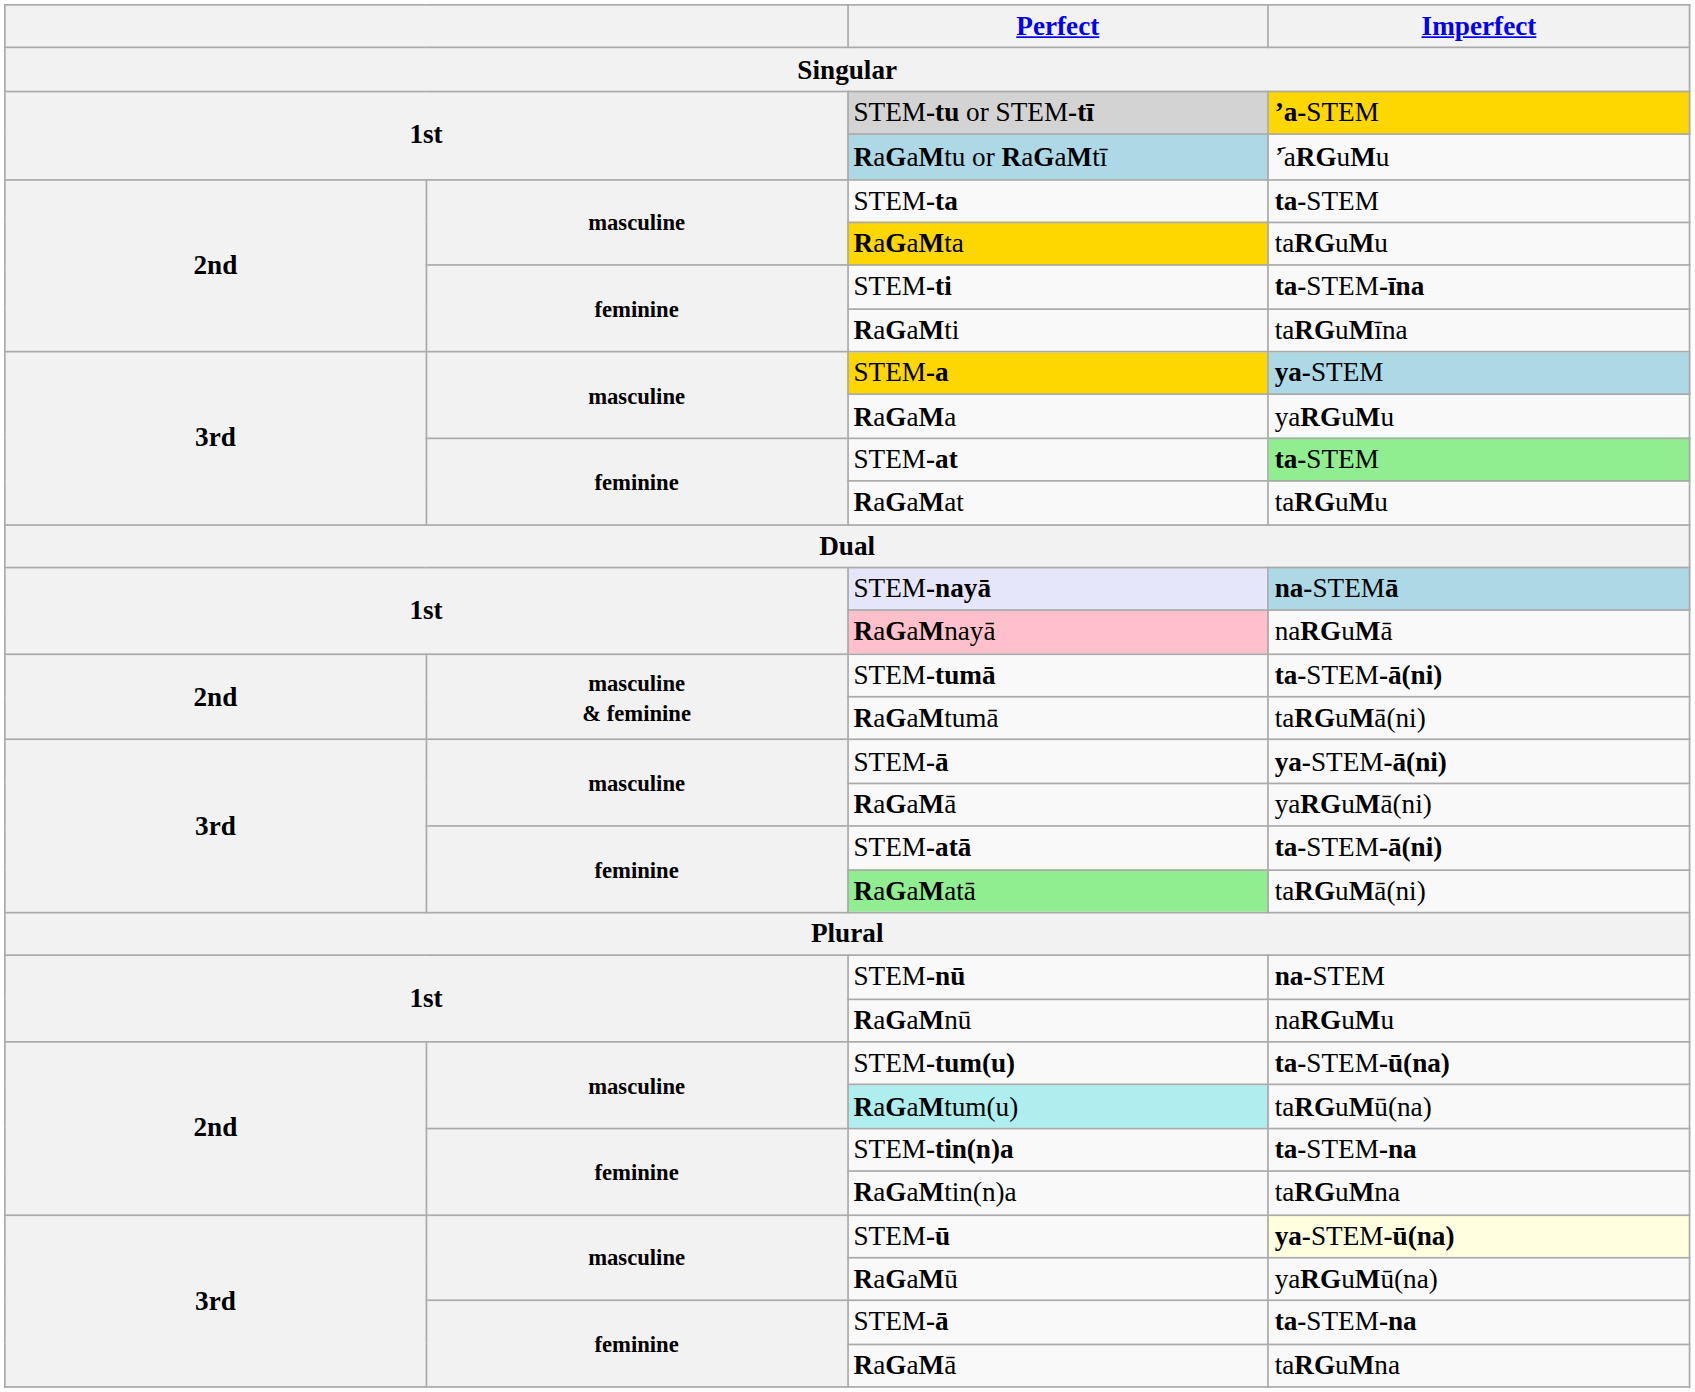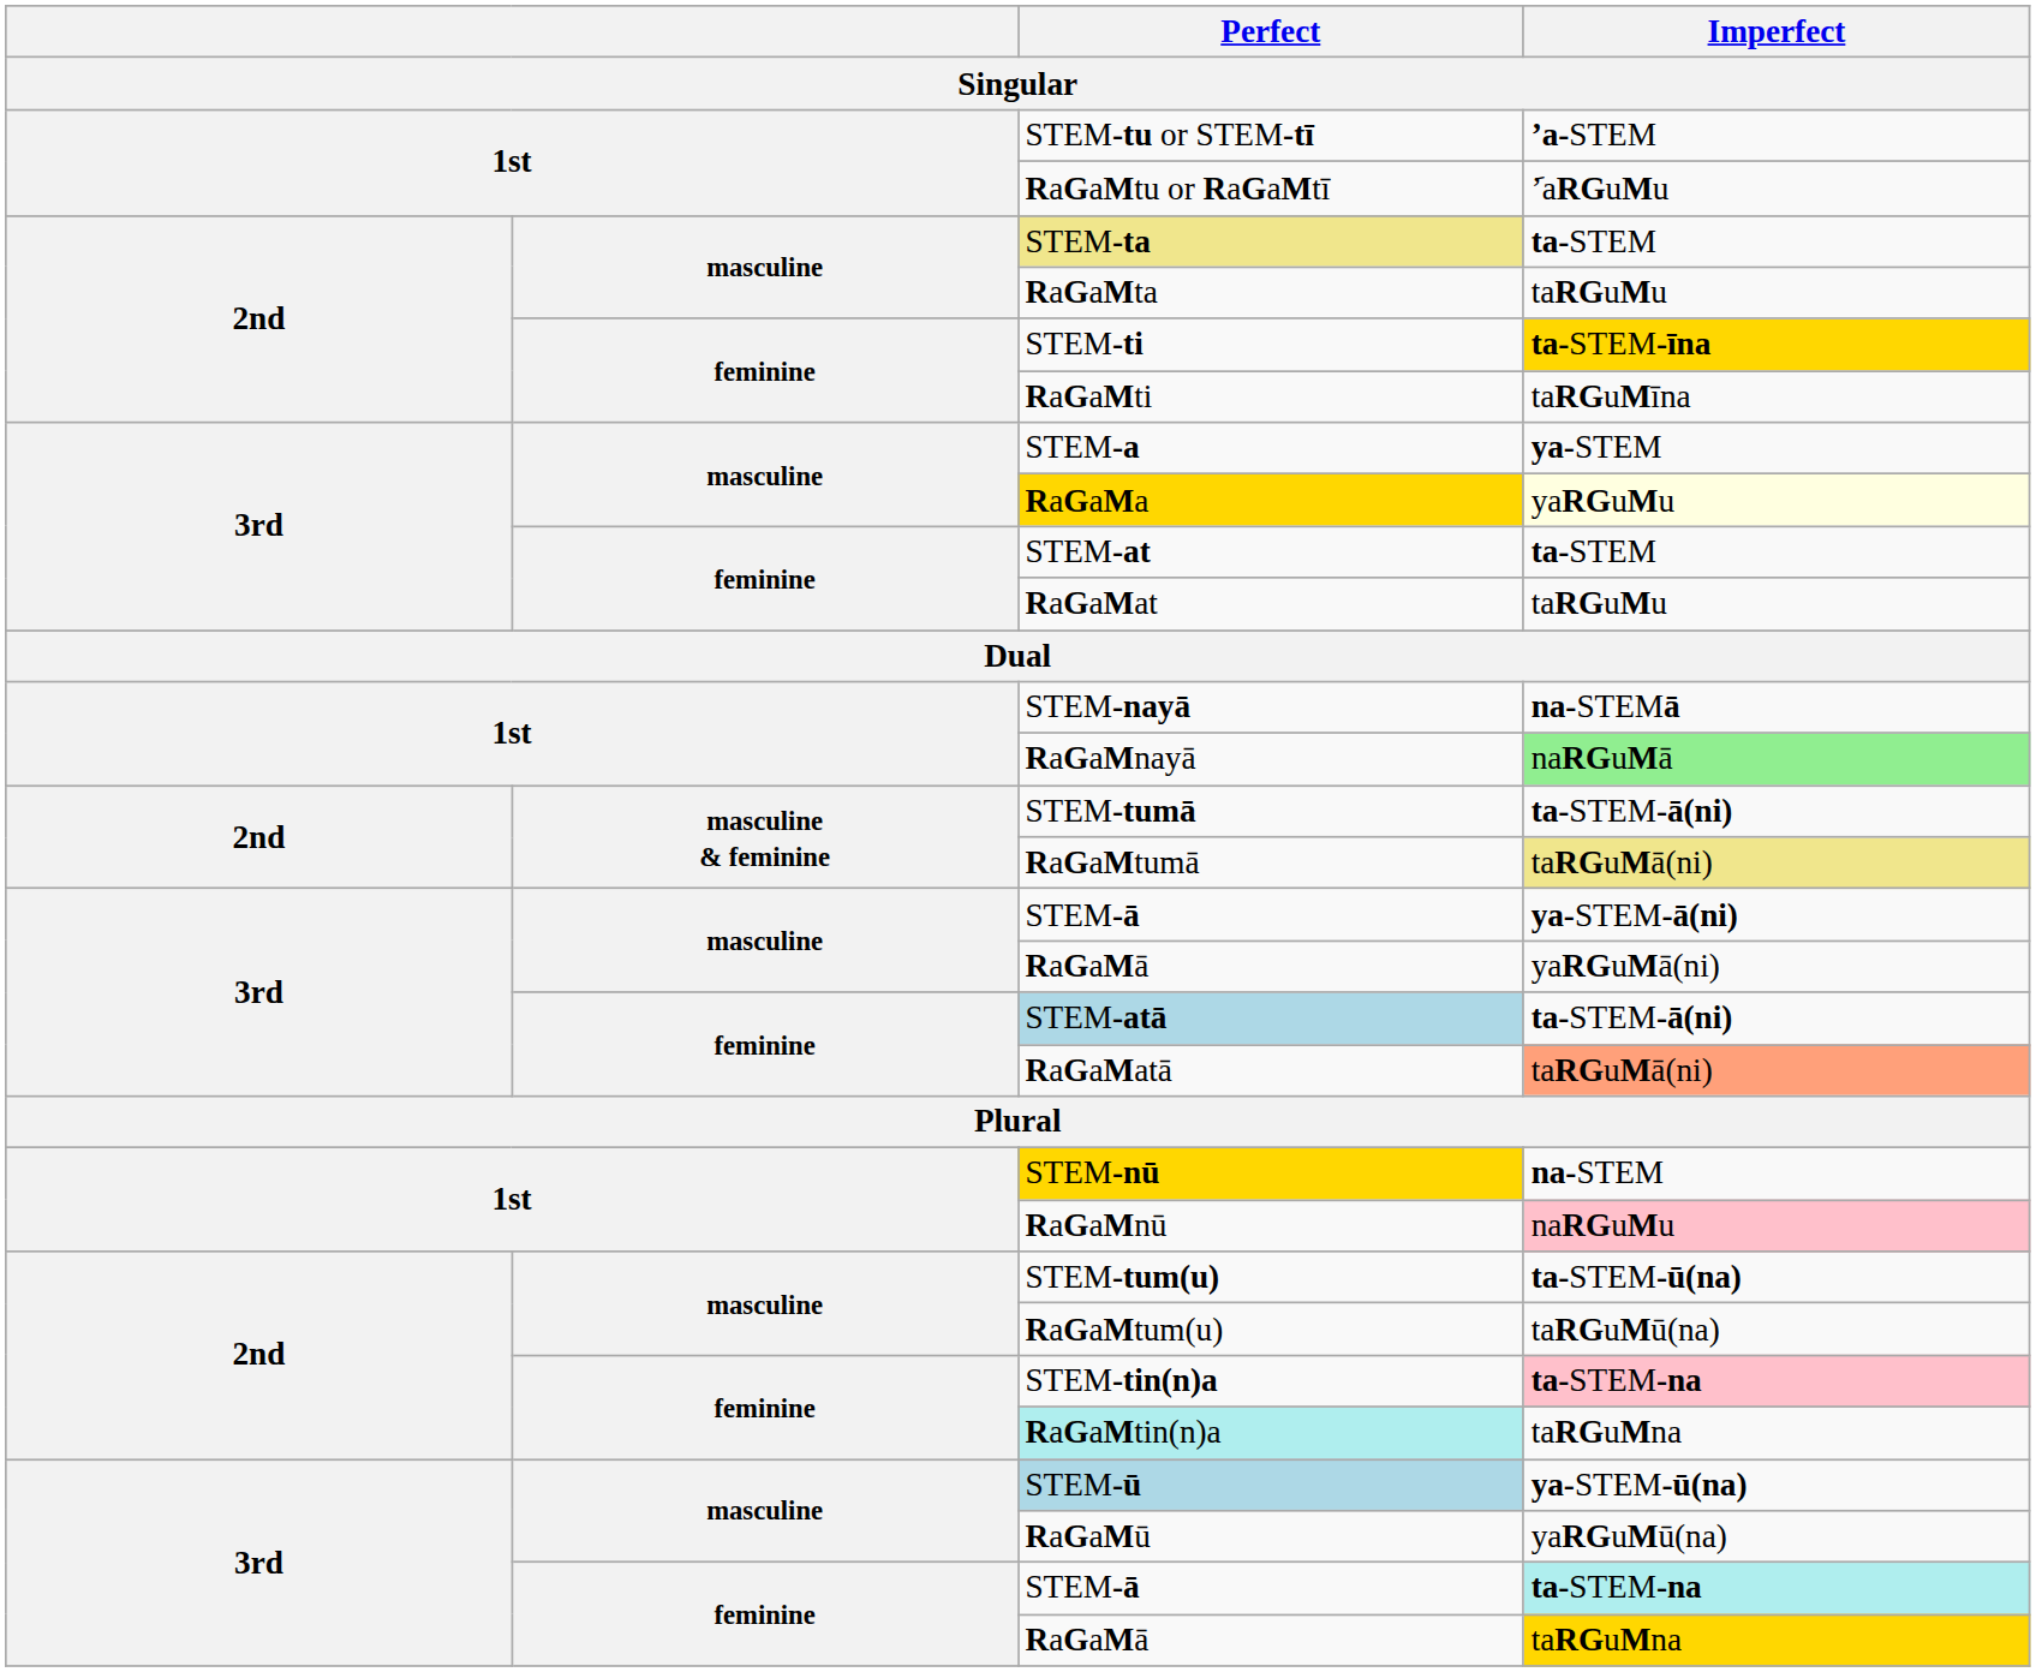 <table class="wikitable" width="50%">
 <tr>
 <th width="25%" colspan="2"></th>
 <th width="25%" align="center"><a href='#'>Perfect</a></th>
 <th width="25%" align="center"><a href='#'>Imperfect</a></th>
 </tr>
 <tr>
 <th width="100%" colspan="5">Singular</th>
 </tr>
 <tr>
 <th width="25%" rowspan="2" colspan="2">1st</th>
-<td width="25%" style="background: lightgrey;">STEM<strong>-tu</strong> or STEM<strong>-tī</strong></td>
-<td width="25%" style="background: gold;"><strong>ʼa-</strong>STEM</td>
+<td width="25%">STEM<strong>-tu</strong> or STEM<strong>-tī</strong></td>
+<td width="25%"><strong>ʼa-</strong>STEM</td>
 </tr>
 <tr>
-<td width="25%" style="background: lightblue;"><strong>R</strong>a<strong>G</strong>a<strong>M</strong>tu or <strong>R</strong>a<strong>G</strong>a<strong>M</strong>tī</td>
+<td width="25%"><strong>R</strong>a<strong>G</strong>a<strong>M</strong>tu or <strong>R</strong>a<strong>G</strong>a<strong>M</strong>tī</td>
 <td width="25%">َʼa<strong>RG</strong>u<strong>M</strong>u</td>
 </tr>
 <tr>
 <th width="25%" rowspan="4">2nd</th>
 <th width="25%" rowspan="2"><small>masculine</small></th>
-<td width="25%">STEM<strong>-ta</strong></td>
+<td width="25%" style="background: khaki;">STEM<strong>-ta</strong></td>
 <td width="25%"><strong>ta-</strong>STEM</td>
 </tr>
 <tr>
-<td width="25%" style="background: gold;"><strong>R</strong>a<strong>G</strong>a<strong>M</strong>ta</td>
+<td width="25%"><strong>R</strong>a<strong>G</strong>a<strong>M</strong>ta</td>
 <td width="25%">ta<strong>RG</strong>u<strong>M</strong>u</td>
 </tr>
 <tr>
 <th width="25%" rowspan="2"><small>feminine</small></th>
 <td width="25%">STEM<strong>-ti</strong></td>
-<td width="25%"><strong>ta-</strong>STEM<strong>-īna</strong></td>
+<td width="25%" style="background: gold;"><strong>ta-</strong>STEM<strong>-īna</strong></td>
 </tr>
 <tr>
 <td width="25%"><strong>R</strong>a<strong>G</strong>a<strong>M</strong>ti</td>
 <td width="25%">ta<strong>RG</strong>u<strong>M</strong>īna</td>
 </tr>
 <tr>
 <th width="25%" rowspan="4">3rd</th>
 <th width="25%" rowspan="2"><small>masculine</small></th>
-<td width="25%" style="background: gold;">STEM<strong>-a</strong></td>
-<td width="25%" style="background: lightblue;"><strong>ya-</strong>STEM</td>
+<td width="25%">STEM<strong>-a</strong></td>
+<td width="25%"><strong>ya-</strong>STEM</td>
 </tr>
 <tr>
-<td width="25%"><strong>R</strong>a<strong>G</strong>a<strong>M</strong>a</td>
-<td width="25%">ya<strong>RG</strong>u<strong>M</strong>u</td>
+<td width="25%" style="background: gold;"><strong>R</strong>a<strong>G</strong>a<strong>M</strong>a</td>
+<td width="25%" style="background: lightyellow;">ya<strong>RG</strong>u<strong>M</strong>u</td>
 </tr>
 <tr>
 <th width="25%" rowspan="2"><small>feminine</small></th>
 <td width="25%">STEM<strong>-at</strong></td>
-<td width="25%" style="background: lightgreen;"><strong>ta-</strong>STEM</td>
+<td width="25%"><strong>ta-</strong>STEM</td>
 </tr>
 <tr>
 <td width="25%"><strong>R</strong>a<strong>G</strong>a<strong>M</strong>at</td>
 <td width="25%">ta<strong>RG</strong>u<strong>M</strong>u</td>
 </tr>
 <tr>
 <th width="100%" colspan="5">Dual</th>
 </tr>
 <tr>
 <th width="25%" rowspan="2" colspan="2">1st</th>
-<td width="25%" style="background: lavender;">STEM<strong>-nayā</strong></td>
-<td width="25%" style="background: lightblue;"><strong>na-</strong>STEM<strong>ā</strong></td>
+<td width="25%">STEM<strong>-nayā</strong></td>
+<td width="25%"><strong>na-</strong>STEM<strong>ā</strong></td>
 </tr>
 <tr>
-<td width="25%" style="background: pink;"><strong>R</strong>a<strong>G</strong>a<strong>M</strong>nayā</td>
-<td width="25%">na<strong>RG</strong>u<strong>M</strong>ā</td>
+<td width="25%"><strong>R</strong>a<strong>G</strong>a<strong>M</strong>nayā</td>
+<td width="25%" style="background: lightgreen;">na<strong>RG</strong>u<strong>M</strong>ā</td>
 </tr>
 <tr>
 <th width="25%" rowspan="2">2nd</th>
 <th width="25%" rowspan="2"><small>masculine <br>& feminine</small></th>
 <td width="25%">STEM<strong>-tumā</strong></td>
 <td width="25%"><strong>ta-</strong>STEM<strong>-ā(ni)</strong></td>
 </tr>
 <tr>
 <td width="25%"><strong>R</strong>a<strong>G</strong>a<strong>M</strong>tumā</td>
-<td width="25%">ta<strong>RG</strong>u<strong>M</strong>ā(ni)</td>
+<td width="25%" style="background: khaki;">ta<strong>RG</strong>u<strong>M</strong>ā(ni)</td>
 </tr>
 <tr>
 <th width="25%" rowspan="4">3rd</th>
 <th width="25%" rowspan="2"><small>masculine</small></th>
 <td width="25%">STEM<strong>-ā</strong></td>
 <td width="25%"><strong>ya-</strong>STEM<strong>-ā(ni)</strong></td>
 </tr>
 <tr>
 <td width="25%"><strong>R</strong>a<strong>G</strong>a<strong>M</strong>ā</td>
 <td width="25%">ya<strong>RG</strong>u<strong>M</strong>ā(ni)</td>
 </tr>
 <tr>
 <th width="25%" rowspan="2"><small>feminine</small></th>
-<td width="25%">STEM<strong>-atā</strong></td>
+<td width="25%" style="background: lightblue;">STEM<strong>-atā</strong></td>
 <td width="25%"><strong>ta-</strong>STEM<strong>-ā(ni)</strong></td>
 </tr>
 <tr>
-<td width="25%" style="background: lightgreen;"><strong>R</strong>a<strong>G</strong>a<strong>M</strong>atā</td>
-<td width="25%">ta<strong>RG</strong>u<strong>M</strong>ā(ni)</td>
+<td width="25%"><strong>R</strong>a<strong>G</strong>a<strong>M</strong>atā</td>
+<td width="25%" style="background: lightsalmon;">ta<strong>RG</strong>u<strong>M</strong>ā(ni)</td>
 </tr>
 <tr>
 <th width="100%" colspan="5">Plural</th>
 </tr>
 <tr>
 <th width="25%" rowspan="2" colspan="2">1st</th>
-<td width="25%">STEM<strong>-nū</strong></td>
+<td width="25%" style="background: gold;">STEM<strong>-nū</strong></td>
 <td width="25%"><strong>na-</strong>STEM</td>
 </tr>
 <tr>
 <td width="25%"><strong>R</strong>a<strong>G</strong>a<strong>M</strong>nū</td>
-<td width="25%">na<strong>RG</strong>u<strong>M</strong>u</td>
+<td width="25%" style="background: pink;">na<strong>RG</strong>u<strong>M</strong>u</td>
 </tr>
 <tr>
 <th width="25%" rowspan="4">2nd</th>
 <th width="25%" rowspan="2"><small>masculine</small></th>
 <td width="25%">STEM<strong>-tum(u)</strong></td>
 <td width="25%"><strong>ta-</strong>STEM<strong>-ū(na)</strong></td>
 </tr>
 <tr>
-<td width="25%" style="background: paleturquoise;"><strong>R</strong>a<strong>G</strong>a<strong>M</strong>tum(u)</td>
+<td width="25%"><strong>R</strong>a<strong>G</strong>a<strong>M</strong>tum(u)</td>
 <td width="25%">ta<strong>RG</strong>u<strong>M</strong>ū(na)</td>
 </tr>
 <tr>
 <th width="25%" rowspan="2"><small>feminine</small></th>
 <td width="25%">STEM<strong>-tin(n)a</strong></td>
-<td width="25%"><strong>ta-</strong>STEM<strong>-na</strong></td>
+<td width="25%" style="background: pink;"><strong>ta-</strong>STEM<strong>-na</strong></td>
 </tr>
 <tr>
-<td width="25%"><strong>R</strong>a<strong>G</strong>a<strong>M</strong>tin(n)a</td>
+<td width="25%" style="background: paleturquoise;"><strong>R</strong>a<strong>G</strong>a<strong>M</strong>tin(n)a</td>
 <td width="25%">ta<strong>RG</strong>u<strong>M</strong>na</td>
 </tr>
 <tr>
 <th width="25%" rowspan="4">3rd</th>
 <th width="25%" rowspan="2"><small>masculine</small></th>
-<td width="25%">STEM<strong>-ū</strong></td>
-<td width="25%" style="background: lightyellow;"><strong>ya-</strong>STEM<strong>-ū(na)</strong></td>
+<td width="25%" style="background: lightblue;">STEM<strong>-ū</strong></td>
+<td width="25%"><strong>ya-</strong>STEM<strong>-ū(na)</strong></td>
 </tr>
 <tr>
 <td width="25%"><strong>R</strong>a<strong>G</strong>a<strong>M</strong>ū</td>
 <td width="25%">ya<strong>RG</strong>u<strong>M</strong>ū(na)</td>
 </tr>
 <tr>
 <th width="25%" rowspan="2"><small>feminine</small></th>
 <td width="25%">STEM<strong>-ā</strong></td>
-<td width="25%"><strong>ta-</strong>STEM<strong>-na</strong></td>
+<td width="25%" style="background: paleturquoise;"><strong>ta-</strong>STEM<strong>-na</strong></td>
 </tr>
 <tr>
 <td width="25%"><strong>R</strong>a<strong>G</strong>a<strong>M</strong>ā</td>
-<td width="25%">ta<strong>RG</strong>u<strong>M</strong>na</td>
+<td width="25%" style="background: gold;">ta<strong>RG</strong>u<strong>M</strong>na</td>
 </tr>
 </table>
